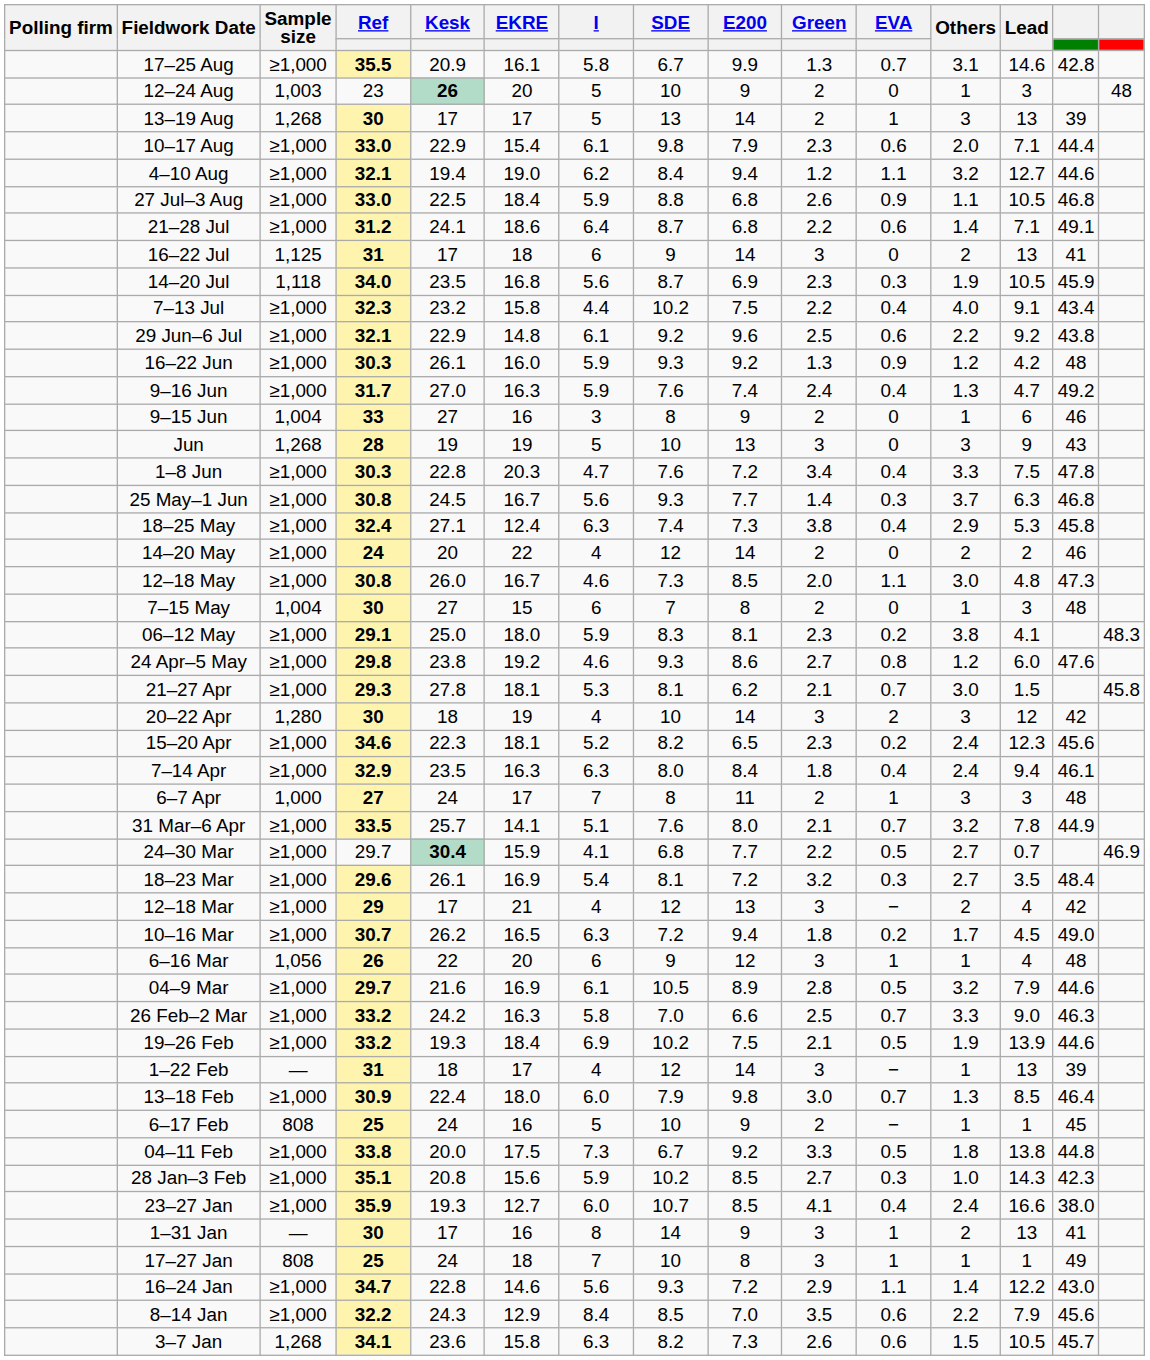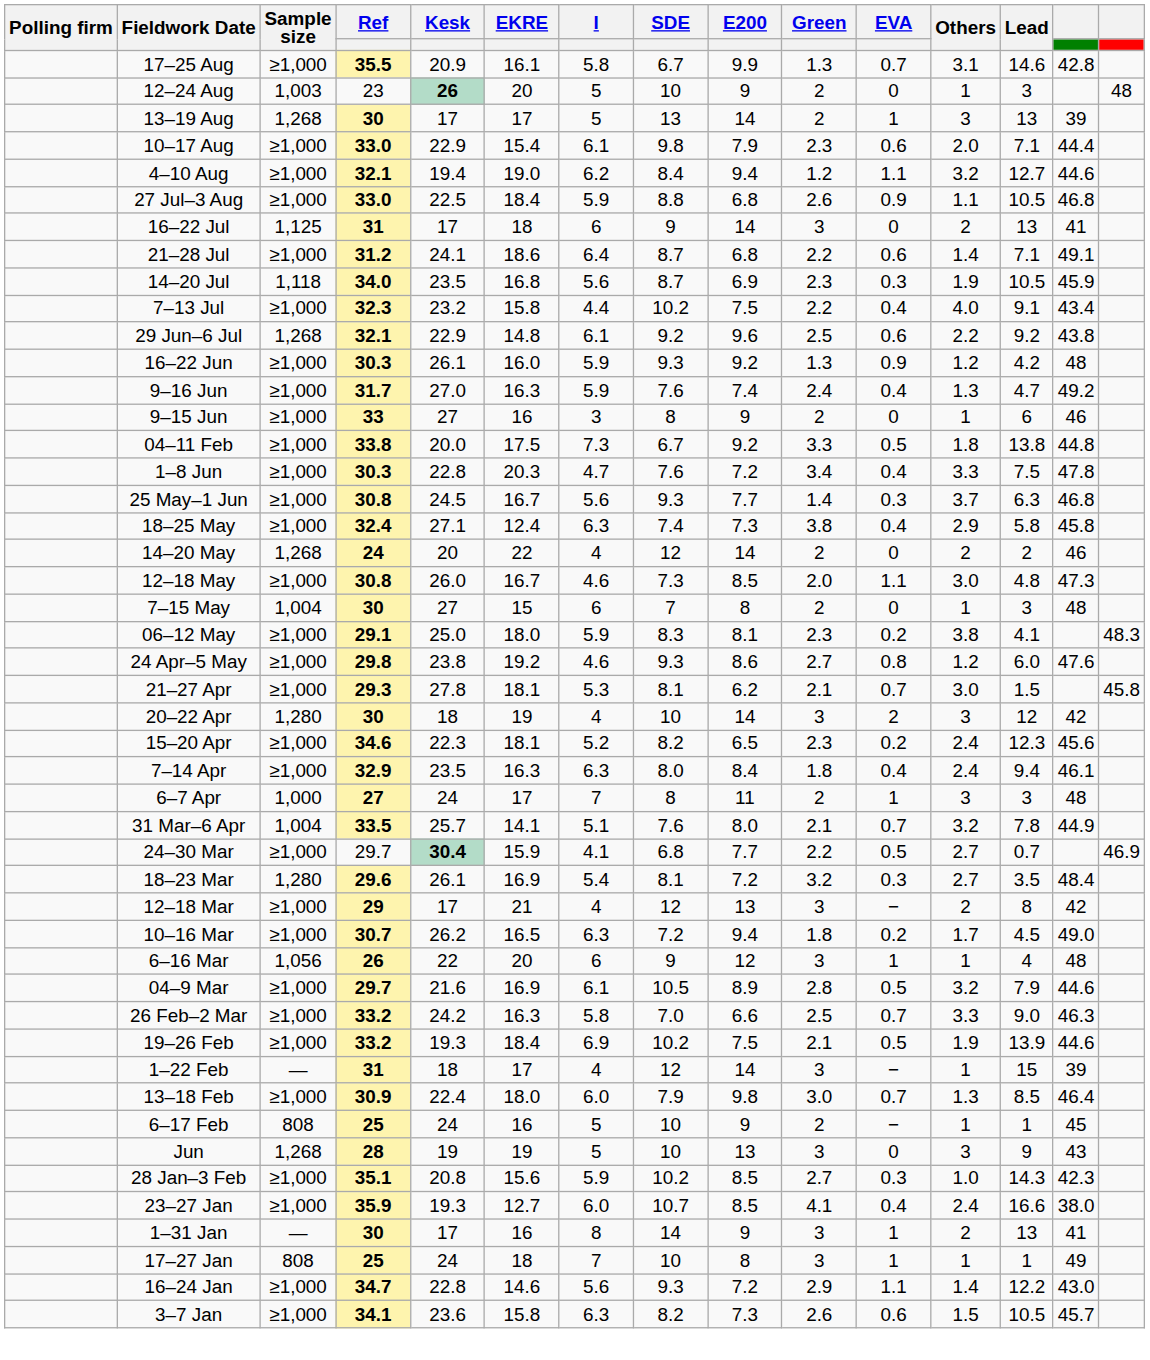 <table class="wikitable sortable mw-datatable" style="text-align:center;font-size:90%;line-height:14px;">
 <tr>
 <th rowspan="2">Polling firm</th>
 <th rowspan="2">Fieldwork Date</th>
 <th rowspan="2" data-sort-type="number">Sample<br>size</th>
 <th class="unsortable" style="width:50px;"><a href='#'>Ref</a></th>
 <th class="unsortable" style="width:50px;"><a href='#'>Kesk</a></th>
 <th class="unsortable" style="width:50px;"><a href='#'>EKRE</a></th>
 <th class="unsortable" style="width:50px;"><a href='#'>I</a></th>
 <th class="unsortable" style="width:50px;"><a href='#'>SDE</a></th>
 <th class="unsortable" style="width:50px;"><a href='#'>E200</a></th>
 <th class="unsortable" style="width:50px;"><a href='#'>Green</a></th>
 <th class="unsortable" style="width:50px;"><a href='#'>EVA</a></th>
 <th rowspan="2" class="unsortable">Others</th>
 <th rowspan="2" data-sort-type="number">Lead</th>
 <th class="unsortable"></th>
 <th class="unsortable"></th>
 </tr>
 <tr style="text-align:center;">
 <th data-sort-type="number" style="background:"></th>
 <th data-sort-type="number" style="background:"></th>
 <th data-sort-type="number" style="background:"></th>
 <th data-sort-type="number" style="background:"></th>
 <th data-sort-type="number" style="background:"></th>
 <th data-sort-type="number" style="background:"></th>
 <th data-sort-type="number" style="background:"></th>
 <th data-sort-type="number" style="background:"></th>
 <th data-sort-type="number" style="background:Green; "></th>
 <th data-sort-type="number" style="background:Red; "></th>
 </tr>
 <tr>
 <td></td>
 <td>17–25 Aug</td>
 <td>≥1,000</td>
 <td style="background:#FEF4AE"><strong>35.5</strong></td>
 <td>20.9</td>
 <td>16.1</td>
 <td>5.8</td>
 <td>6.7</td>
 <td>9.9</td>
 <td>1.3</td>
 <td>0.7</td>
 <td>3.1</td>
 <td style="background:">14.6</td>
 <td>42.8</td>
 <td></td>
 </tr>
 <tr>
 <td></td>
 <td>12–24 Aug</td>
 <td>1,003</td>
 <td>23</td>
 <td style="background:#b3dcc8"><strong>26</strong></td>
 <td>20</td>
 <td>5</td>
 <td>10</td>
 <td>9</td>
 <td>2</td>
 <td>0</td>
 <td>1</td>
 <td style="background:">3</td>
 <td></td>
 <td>48</td>
 </tr>
 <tr>
 <td></td>
 <td>13–19 Aug</td>
 <td>1,268</td>
 <td style="background:#FEF4AE"><strong>30</strong></td>
 <td>17</td>
 <td>17</td>
 <td>5</td>
 <td>13</td>
 <td>14</td>
 <td>2</td>
 <td>1</td>
 <td>3</td>
 <td style="background:">13</td>
 <td>39</td>
 <td></td>
 </tr>
 <tr>
 <td></td>
 <td>10–17 Aug</td>
 <td>≥1,000</td>
 <td style="background:#FEF4AE"><strong>33.0</strong></td>
 <td>22.9</td>
 <td>15.4</td>
 <td>6.1</td>
 <td>9.8</td>
 <td>7.9</td>
 <td>2.3</td>
 <td>0.6</td>
 <td>2.0</td>
 <td style="background:">7.1</td>
 <td>44.4</td>
 <td></td>
 </tr>
 <tr>
 <td></td>
 <td>4–10 Aug</td>
 <td>≥1,000</td>
 <td style="background:#FEF4AE"><strong>32.1</strong></td>
 <td>19.4</td>
 <td>19.0</td>
 <td>6.2</td>
 <td>8.4</td>
 <td>9.4</td>
 <td>1.2</td>
 <td>1.1</td>
 <td>3.2</td>
 <td style="background:">12.7</td>
 <td>44.6</td>
 <td></td>
 </tr>
 <tr>
 <td></td>
 <td>27 Jul–3 Aug</td>
 <td>≥1,000</td>
 <td style="background:#FEF4AE"><strong>33.0</strong></td>
 <td>22.5</td>
 <td>18.4</td>
 <td>5.9</td>
 <td>8.8</td>
 <td>6.8</td>
 <td>2.6</td>
 <td>0.9</td>
 <td>1.1</td>
 <td style="background:">10.5</td>
 <td>46.8</td>
 <td></td>
 </tr>
 <tr>
 <td></td>
+<td>16–22 Jul</td>
+<td>1,125</td>
+<td style="background:#FEF4AE"><strong>31</strong></td>
+<td>17</td>
+<td>18</td>
+<td>6</td>
+<td>9</td>
+<td>14</td>
+<td>3</td>
+<td>0</td>
+<td>2</td>
+<td style="background:">13</td>
+<td>41</td>
+<td></td>
+</tr>
+<tr>
+<td></td>
 <td>21–28 Jul</td>
 <td>≥1,000</td>
 <td style="background:#FEF4AE"><strong>31.2</strong></td>
 <td>24.1</td>
 <td>18.6</td>
 <td>6.4</td>
 <td>8.7</td>
 <td>6.8</td>
 <td>2.2</td>
 <td>0.6</td>
 <td>1.4</td>
 <td style="background:">7.1</td>
 <td>49.1</td>
-<td></td>
-</tr>
-<tr>
-<td></td>
-<td>16–22 Jul</td>
-<td>1,125</td>
-<td style="background:#FEF4AE"><strong>31</strong></td>
-<td>17</td>
-<td>18</td>
-<td>6</td>
-<td>9</td>
-<td>14</td>
-<td>3</td>
-<td>0</td>
-<td>2</td>
-<td style="background:">13</td>
-<td>41</td>
 <td></td>
 </tr>
 <tr>
 <td></td>
 <td>14–20 Jul</td>
 <td>1,118</td>
 <td style="background:#FEF4AE"><strong>34.0</strong></td>
 <td>23.5</td>
 <td>16.8</td>
 <td>5.6</td>
 <td>8.7</td>
 <td>6.9</td>
 <td>2.3</td>
 <td>0.3</td>
 <td>1.9</td>
 <td style="background:">10.5</td>
 <td>45.9</td>
 <td></td>
 </tr>
 <tr>
 <td></td>
 <td>7–13 Jul</td>
 <td>≥1,000</td>
 <td style="background:#FEF4AE"><strong>32.3</strong></td>
 <td>23.2</td>
 <td>15.8</td>
 <td>4.4</td>
 <td>10.2</td>
 <td>7.5</td>
 <td>2.2</td>
 <td>0.4</td>
 <td>4.0</td>
 <td style="background:">9.1</td>
 <td>43.4</td>
 <td></td>
 </tr>
 <tr>
 <td></td>
 <td>29 Jun–6 Jul</td>
-<td>≥1,000</td>
+<td>1,268</td>
 <td style="background:#FEF4AE"><strong>32.1</strong></td>
 <td>22.9</td>
 <td>14.8</td>
 <td>6.1</td>
 <td>9.2</td>
 <td>9.6</td>
 <td>2.5</td>
 <td>0.6</td>
 <td>2.2</td>
 <td style="background:">9.2</td>
 <td>43.8</td>
 <td></td>
 </tr>
 <tr>
 <td></td>
 <td>16–22 Jun</td>
 <td>≥1,000</td>
 <td style="background:#FEF4AE"><strong>30.3</strong></td>
 <td>26.1</td>
 <td>16.0</td>
 <td>5.9</td>
 <td>9.3</td>
 <td>9.2</td>
 <td>1.3</td>
 <td>0.9</td>
 <td>1.2</td>
 <td style="background:">4.2</td>
 <td>48</td>
 <td></td>
 </tr>
 <tr>
 <td></td>
 <td>9–16 Jun</td>
 <td>≥1,000</td>
 <td style="background:#FEF4AE"><strong>31.7</strong></td>
 <td>27.0</td>
 <td>16.3</td>
 <td>5.9</td>
 <td>7.6</td>
 <td>7.4</td>
 <td>2.4</td>
 <td>0.4</td>
 <td>1.3</td>
 <td style="background:">4.7</td>
 <td>49.2</td>
 <td></td>
 </tr>
 <tr>
 <td></td>
 <td>9–15 Jun</td>
-<td>1,004</td>
+<td>≥1,000</td>
 <td style="background:#FEF4AE"><strong>33</strong></td>
 <td>27</td>
 <td>16</td>
 <td>3</td>
 <td>8</td>
 <td>9</td>
 <td>2</td>
 <td>0</td>
 <td>1</td>
 <td style="background:">6</td>
 <td>46</td>
 <td></td>
 </tr>
 <tr>
 <td></td>
-<td>Jun</td>
-<td>1,268</td>
-<td style="background:#FEF4AE"><strong>28</strong></td>
-<td>19</td>
-<td>19</td>
-<td>5</td>
-<td>10</td>
-<td>13</td>
-<td>3</td>
-<td>0</td>
-<td>3</td>
-<td style="background:">9</td>
-<td>43</td>
+<td>04–11 Feb</td>
+<td>≥1,000</td>
+<td style="background:#FEF4AE"><strong>33.8</strong></td>
+<td>20.0</td>
+<td>17.5</td>
+<td>7.3</td>
+<td>6.7</td>
+<td>9.2</td>
+<td>3.3</td>
+<td>0.5</td>
+<td>1.8</td>
+<td style="background:">13.8</td>
+<td>44.8</td>
 <td></td>
 </tr>
 <tr>
 <td></td>
 <td>1–8 Jun</td>
 <td>≥1,000</td>
 <td style="background:#FEF4AE"><strong>30.3</strong></td>
 <td>22.8</td>
 <td>20.3</td>
 <td>4.7</td>
 <td>7.6</td>
 <td>7.2</td>
 <td>3.4</td>
 <td>0.4</td>
 <td>3.3</td>
 <td style="background:">7.5</td>
 <td>47.8</td>
 <td></td>
 </tr>
 <tr>
 <td></td>
 <td>25 May–1 Jun</td>
 <td>≥1,000</td>
 <td style="background:#FEF4AE"><strong>30.8</strong></td>
 <td>24.5</td>
 <td>16.7</td>
 <td>5.6</td>
 <td>9.3</td>
 <td>7.7</td>
 <td>1.4</td>
 <td>0.3</td>
 <td>3.7</td>
 <td style="background:">6.3</td>
 <td>46.8</td>
 <td></td>
 </tr>
 <tr>
 <td></td>
 <td>18–25 May</td>
 <td>≥1,000</td>
 <td style="background:#FEF4AE"><strong>32.4</strong></td>
 <td>27.1</td>
 <td>12.4</td>
 <td>6.3</td>
 <td>7.4</td>
 <td>7.3</td>
 <td>3.8</td>
 <td>0.4</td>
 <td>2.9</td>
-<td style="background:">5.3</td>
+<td style="background:">5.8</td>
 <td>45.8</td>
 <td></td>
 </tr>
 <tr>
 <td></td>
 <td>14–20 May</td>
-<td>≥1,000</td>
+<td>1,268</td>
 <td style="background:#FEF4AE"><strong>24</strong></td>
 <td>20</td>
 <td>22</td>
 <td>4</td>
 <td>12</td>
 <td>14</td>
 <td>2</td>
 <td>0</td>
 <td>2</td>
 <td style="background:">2</td>
 <td>46</td>
 <td></td>
 </tr>
 <tr>
 <td></td>
 <td>12–18 May</td>
 <td>≥1,000</td>
 <td style="background:#FEF4AE"><strong>30.8</strong></td>
 <td>26.0</td>
 <td>16.7</td>
 <td>4.6</td>
 <td>7.3</td>
 <td>8.5</td>
 <td>2.0</td>
 <td>1.1</td>
 <td>3.0</td>
 <td style="background:">4.8</td>
 <td>47.3</td>
 <td></td>
 </tr>
 <tr>
 <td></td>
 <td>7–15 May</td>
 <td>1,004</td>
 <td style="background:#FEF4AE"><strong>30</strong></td>
 <td>27</td>
 <td>15</td>
 <td>6</td>
 <td>7</td>
 <td>8</td>
 <td>2</td>
 <td>0</td>
 <td>1</td>
 <td style="background:">3</td>
 <td>48</td>
 <td></td>
 </tr>
 <tr>
 <td></td>
 <td>06–12 May</td>
 <td>≥1,000</td>
 <td style="background:#FEF4AE"><strong>29.1</strong></td>
 <td>25.0</td>
 <td>18.0</td>
 <td>5.9</td>
 <td>8.3</td>
 <td>8.1</td>
 <td>2.3</td>
 <td>0.2</td>
 <td>3.8</td>
 <td style="background:">4.1</td>
 <td></td>
 <td>48.3</td>
 </tr>
 <tr>
 <td></td>
 <td>24 Apr–5 May</td>
 <td>≥1,000</td>
 <td style="background:#FEF4AE"><strong>29.8</strong></td>
 <td>23.8</td>
 <td>19.2</td>
 <td>4.6</td>
 <td>9.3</td>
 <td>8.6</td>
 <td>2.7</td>
 <td>0.8</td>
 <td>1.2</td>
 <td style="background:">6.0</td>
 <td>47.6</td>
 <td></td>
 </tr>
 <tr>
 <td></td>
 <td>21–27 Apr</td>
 <td>≥1,000</td>
 <td style="background:#FEF4AE"><strong>29.3</strong></td>
 <td>27.8</td>
 <td>18.1</td>
 <td>5.3</td>
 <td>8.1</td>
 <td>6.2</td>
 <td>2.1</td>
 <td>0.7</td>
 <td>3.0</td>
 <td style="background:">1.5</td>
 <td></td>
 <td>45.8</td>
 </tr>
 <tr>
 <td></td>
 <td>20–22 Apr</td>
 <td>1,280</td>
 <td style="background:#FEF4AE"><strong>30</strong></td>
 <td>18</td>
 <td>19</td>
 <td>4</td>
 <td>10</td>
 <td>14</td>
 <td>3</td>
 <td>2</td>
 <td>3</td>
 <td style="background:">12</td>
 <td>42</td>
 <td></td>
 </tr>
 <tr>
 <td></td>
 <td>15–20 Apr</td>
 <td>≥1,000</td>
 <td style="background:#FEF4AE"><strong>34.6</strong></td>
 <td>22.3</td>
 <td>18.1</td>
 <td>5.2</td>
 <td>8.2</td>
 <td>6.5</td>
 <td>2.3</td>
 <td>0.2</td>
 <td>2.4</td>
 <td style="background:">12.3</td>
 <td>45.6</td>
 <td></td>
 </tr>
 <tr>
 <td></td>
 <td>7–14 Apr</td>
 <td>≥1,000</td>
 <td style="background:#FEF4AE"><strong>32.9</strong></td>
 <td>23.5</td>
 <td>16.3</td>
 <td>6.3</td>
 <td>8.0</td>
 <td>8.4</td>
 <td>1.8</td>
 <td>0.4</td>
 <td>2.4</td>
 <td style="background:">9.4</td>
 <td>46.1</td>
 <td></td>
 </tr>
 <tr>
 <td></td>
 <td>6–7 Apr</td>
 <td>1,000</td>
 <td style="background:#FEF4AE"><strong>27</strong></td>
 <td>24</td>
 <td>17</td>
 <td>7</td>
 <td>8</td>
 <td>11</td>
 <td>2</td>
 <td>1</td>
 <td>3</td>
 <td style="background:">3</td>
 <td>48</td>
 <td></td>
 </tr>
 <tr>
 <td></td>
 <td>31 Mar–6 Apr</td>
-<td>≥1,000</td>
+<td>1,004</td>
 <td style="background:#FEF4AE"><strong>33.5</strong></td>
 <td>25.7</td>
 <td>14.1</td>
 <td>5.1</td>
 <td>7.6</td>
 <td>8.0</td>
 <td>2.1</td>
 <td>0.7</td>
 <td>3.2</td>
 <td style="background:">7.8</td>
 <td>44.9</td>
 <td></td>
 </tr>
 <tr>
 <td></td>
 <td>24–30 Mar</td>
 <td>≥1,000</td>
 <td>29.7</td>
 <td style="background:#b3dcc8"><strong>30.4</strong></td>
 <td>15.9</td>
 <td>4.1</td>
 <td>6.8</td>
 <td>7.7</td>
 <td>2.2</td>
 <td>0.5</td>
 <td>2.7</td>
 <td style="background:">0.7</td>
 <td></td>
 <td>46.9</td>
 </tr>
 <tr>
 <td></td>
 <td>18–23 Mar</td>
-<td>≥1,000</td>
+<td>1,280</td>
 <td style="background:#FEF4AE"><strong>29.6</strong></td>
 <td>26.1</td>
 <td>16.9</td>
 <td>5.4</td>
 <td>8.1</td>
 <td>7.2</td>
 <td>3.2</td>
 <td>0.3</td>
 <td>2.7</td>
 <td style="background:">3.5</td>
 <td>48.4</td>
 <td></td>
 </tr>
 <tr>
 <td></td>
 <td>12–18 Mar</td>
 <td>≥1,000</td>
 <td style="background:#FEF4AE"><strong>29</strong></td>
 <td>17</td>
 <td>21</td>
 <td>4</td>
 <td>12</td>
 <td>13</td>
 <td>3</td>
 <td>−</td>
 <td>2</td>
-<td style="background:">4</td>
+<td style="background:">8</td>
 <td>42</td>
 <td></td>
 </tr>
 <tr>
 <td></td>
 <td>10–16 Mar</td>
 <td>≥1,000</td>
 <td style="background:#FEF4AE"><strong>30.7</strong></td>
 <td>26.2</td>
 <td>16.5</td>
 <td>6.3</td>
 <td>7.2</td>
 <td>9.4</td>
 <td>1.8</td>
 <td>0.2</td>
 <td>1.7</td>
 <td style="background:">4.5</td>
 <td>49.0</td>
 <td></td>
 </tr>
 <tr>
 <td></td>
 <td>6–16 Mar</td>
 <td>1,056</td>
 <td style="background:#FEF4AE"><strong>26</strong></td>
 <td>22</td>
 <td>20</td>
 <td>6</td>
 <td>9</td>
 <td>12</td>
 <td>3</td>
 <td>1</td>
 <td>1</td>
 <td style="background:">4</td>
 <td>48</td>
 <td></td>
 </tr>
 <tr>
 <td></td>
 <td>04–9 Mar</td>
 <td>≥1,000</td>
 <td style="background:#FEF4AE"><strong>29.7</strong></td>
 <td>21.6</td>
 <td>16.9</td>
 <td>6.1</td>
 <td>10.5</td>
 <td>8.9</td>
 <td>2.8</td>
 <td>0.5</td>
 <td>3.2</td>
 <td style="background:">7.9</td>
 <td>44.6</td>
 <td></td>
 </tr>
 <tr>
 <td></td>
 <td>26 Feb–2 Mar</td>
 <td>≥1,000</td>
 <td style="background:#FEF4AE"><strong>33.2</strong></td>
 <td>24.2</td>
 <td>16.3</td>
 <td>5.8</td>
 <td>7.0</td>
 <td>6.6</td>
 <td>2.5</td>
 <td>0.7</td>
 <td>3.3</td>
 <td style="background:">9.0</td>
 <td>46.3</td>
 <td></td>
 </tr>
 <tr>
 <td></td>
 <td>19–26 Feb</td>
 <td>≥1,000</td>
 <td style="background:#FEF4AE"><strong>33.2</strong></td>
 <td>19.3</td>
 <td>18.4</td>
 <td>6.9</td>
 <td>10.2</td>
 <td>7.5</td>
 <td>2.1</td>
 <td>0.5</td>
 <td>1.9</td>
 <td style="background:">13.9</td>
 <td>44.6</td>
 <td></td>
 </tr>
 <tr>
 <td></td>
 <td>1–22 Feb</td>
 <td>—</td>
 <td style="background:#FEF4AE"><strong>31</strong></td>
 <td>18</td>
 <td>17</td>
 <td>4</td>
 <td>12</td>
 <td>14</td>
 <td>3</td>
 <td>−</td>
 <td>1</td>
-<td style="background:">13</td>
+<td style="background:">15</td>
 <td>39</td>
 <td></td>
 </tr>
 <tr>
 <td></td>
 <td>13–18 Feb</td>
 <td>≥1,000</td>
 <td style="background:#FEF4AE"><strong>30.9</strong></td>
 <td>22.4</td>
 <td>18.0</td>
 <td>6.0</td>
 <td>7.9</td>
 <td>9.8</td>
 <td>3.0</td>
 <td>0.7</td>
 <td>1.3</td>
 <td style="background:">8.5</td>
 <td>46.4</td>
 <td></td>
 </tr>
 <tr>
 <td></td>
 <td>6–17 Feb</td>
 <td>808</td>
 <td style="background:#FEF4AE"><strong>25</strong></td>
 <td>24</td>
 <td>16</td>
 <td>5</td>
 <td>10</td>
 <td>9</td>
 <td>2</td>
 <td>−</td>
 <td>1</td>
 <td style="background:">1</td>
 <td>45</td>
 <td></td>
 </tr>
 <tr>
 <td></td>
-<td>04–11 Feb</td>
-<td>≥1,000</td>
-<td style="background:#FEF4AE"><strong>33.8</strong></td>
-<td>20.0</td>
-<td>17.5</td>
-<td>7.3</td>
-<td>6.7</td>
-<td>9.2</td>
-<td>3.3</td>
-<td>0.5</td>
-<td>1.8</td>
-<td style="background:">13.8</td>
-<td>44.8</td>
+<td>Jun</td>
+<td>1,268</td>
+<td style="background:#FEF4AE"><strong>28</strong></td>
+<td>19</td>
+<td>19</td>
+<td>5</td>
+<td>10</td>
+<td>13</td>
+<td>3</td>
+<td>0</td>
+<td>3</td>
+<td style="background:">9</td>
+<td>43</td>
 <td></td>
 </tr>
 <tr>
 <td></td>
 <td>28 Jan–3 Feb</td>
 <td>≥1,000</td>
 <td style="background:#FEF4AE"><strong>35.1</strong></td>
 <td>20.8</td>
 <td>15.6</td>
 <td>5.9</td>
 <td>10.2</td>
 <td>8.5</td>
 <td>2.7</td>
 <td>0.3</td>
 <td>1.0</td>
 <td style="background:">14.3</td>
 <td>42.3</td>
 <td></td>
 </tr>
 <tr>
 <td></td>
 <td>23–27 Jan</td>
 <td>≥1,000</td>
 <td style="background:#FEF4AE"><strong>35.9</strong></td>
 <td>19.3</td>
 <td>12.7</td>
 <td>6.0</td>
 <td>10.7</td>
 <td>8.5</td>
 <td>4.1</td>
 <td>0.4</td>
 <td>2.4</td>
 <td style="background:">16.6</td>
 <td>38.0</td>
 <td></td>
 </tr>
 <tr>
 <td></td>
 <td>1–31 Jan</td>
 <td>—</td>
 <td style="background:#FEF4AE"><strong>30</strong></td>
 <td>17</td>
 <td>16</td>
 <td>8</td>
 <td>14</td>
 <td>9</td>
 <td>3</td>
 <td>1</td>
 <td>2</td>
 <td style="background:">13</td>
 <td>41</td>
 <td></td>
 </tr>
 <tr>
 <td></td>
 <td>17–27 Jan</td>
 <td>808</td>
 <td style="background:#FEF4AE"><strong>25</strong></td>
 <td>24</td>
 <td>18</td>
 <td>7</td>
 <td>10</td>
 <td>8</td>
 <td>3</td>
 <td>1</td>
 <td>1</td>
 <td style="background:">1</td>
 <td>49</td>
 <td></td>
 </tr>
 <tr>
 <td></td>
 <td>16–24 Jan</td>
 <td>≥1,000</td>
 <td style="background:#FEF4AE"><strong>34.7</strong></td>
 <td>22.8</td>
 <td>14.6</td>
 <td>5.6</td>
 <td>9.3</td>
 <td>7.2</td>
 <td>2.9</td>
 <td>1.1</td>
 <td>1.4</td>
 <td style="background:">12.2</td>
 <td>43.0</td>
 <td></td>
 </tr>
 <tr>
 <td></td>
-<td>8–14 Jan</td>
+<td>3–7 Jan</td>
 <td>≥1,000</td>
-<td style="background:#FEF4AE"><strong>32.2</strong></td>
-<td>24.3</td>
-<td>12.9</td>
-<td>8.4</td>
-<td>8.5</td>
-<td>7.0</td>
-<td>3.5</td>
-<td>0.6</td>
-<td>2.2</td>
-<td style="background:">7.9</td>
-<td>45.6</td>
-<td></td>
-</tr>
-<tr>
-<td></td>
-<td>3–7 Jan</td>
-<td>1,268</td>
 <td style="background:#FEF4AE"><strong>34.1</strong></td>
 <td>23.6</td>
 <td>15.8</td>
 <td>6.3</td>
 <td>8.2</td>
 <td>7.3</td>
 <td>2.6</td>
 <td>0.6</td>
 <td>1.5</td>
 <td style="background:">10.5</td>
 <td>45.7</td>
 <td></td>
 </tr>
 </table>
